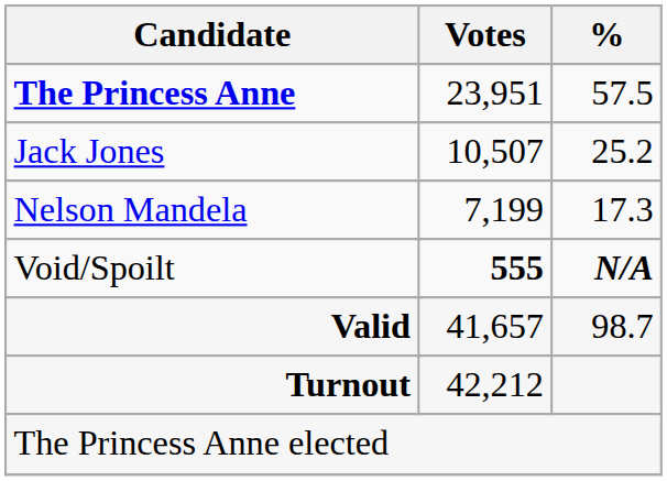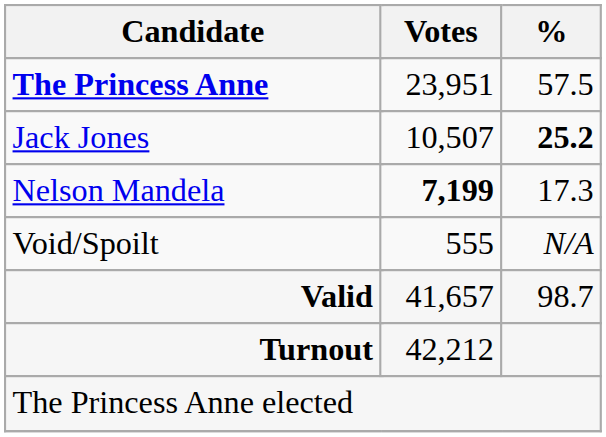 <table class="wikitable" style="font-size: 95%;">
 <tr>
 <th colspan="2" style="width: 170px">Candidate</th>
 <th style="width: 50px">Votes</th>
 <th style="width: 40px">%</th>
 </tr>
 <tr>
 </tr>
 <tr>
 <td colspan="2" style="width: 170px"><strong><a href='#'>The Princess Anne</a></strong></td>
 <td align="right">23,951</td>
 <td align="right">57.5</td>
 </tr>
 <tr>
 </tr>
 <tr>
 <td colspan="2" style="width: 170px"><a href='#'>Jack Jones</a></td>
 <td align="right">10,507</td>
-<td align="right">25.2</td>
+<td align="right"><strong>25.2</strong></td>
 </tr>
 <tr>
 </tr>
 <tr>
 <td colspan="2" style="width: 170px"><a href='#'>Nelson Mandela</a></td>
-<td align="right">7,199</td>
+<td align="right"><strong>7,199</strong></td>
 <td align="right">17.3</td>
 </tr>
 <tr>
 </tr>
 <tr>
 <td colspan="2" style="width: 170px">Void/Spoilt</td>
-<td align="right"><strong>555</strong></td>
-<td align="right"><strong><em>N/A</em></strong></td>
+<td align="right">555</td>
+<td align="right"><em>N/A</em></td>
 </tr>
 <tr>
 </tr>
 <tr style="background-color:#F6F6F6">
 <td colspan="2" align="right"><strong>Valid</strong></td>
 <td align="right">41,657</td>
 <td align="right">98.7</td>
 </tr>
 <tr>
 </tr>
 <tr>
 </tr>
 <tr style="background-color:#F6F6F6">
 <td colspan="2" align="right"><strong>Turnout</strong></td>
 <td align="right">42,212</td>
 <td align="right"></td>
 </tr>
 <tr>
 </tr>
 <tr style="background-color:#F6F6F6">
 <td colspan="4">The Princess Anne elected</td>
 </tr>
 <tr>
 </tr>
 </table>
